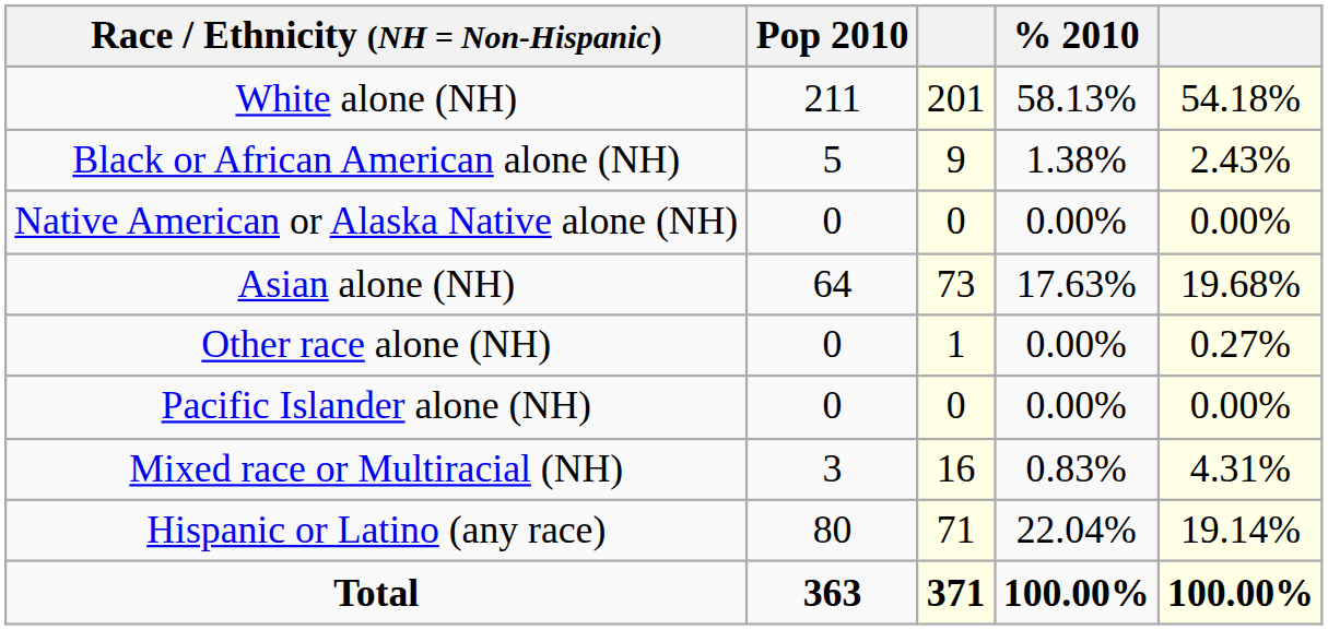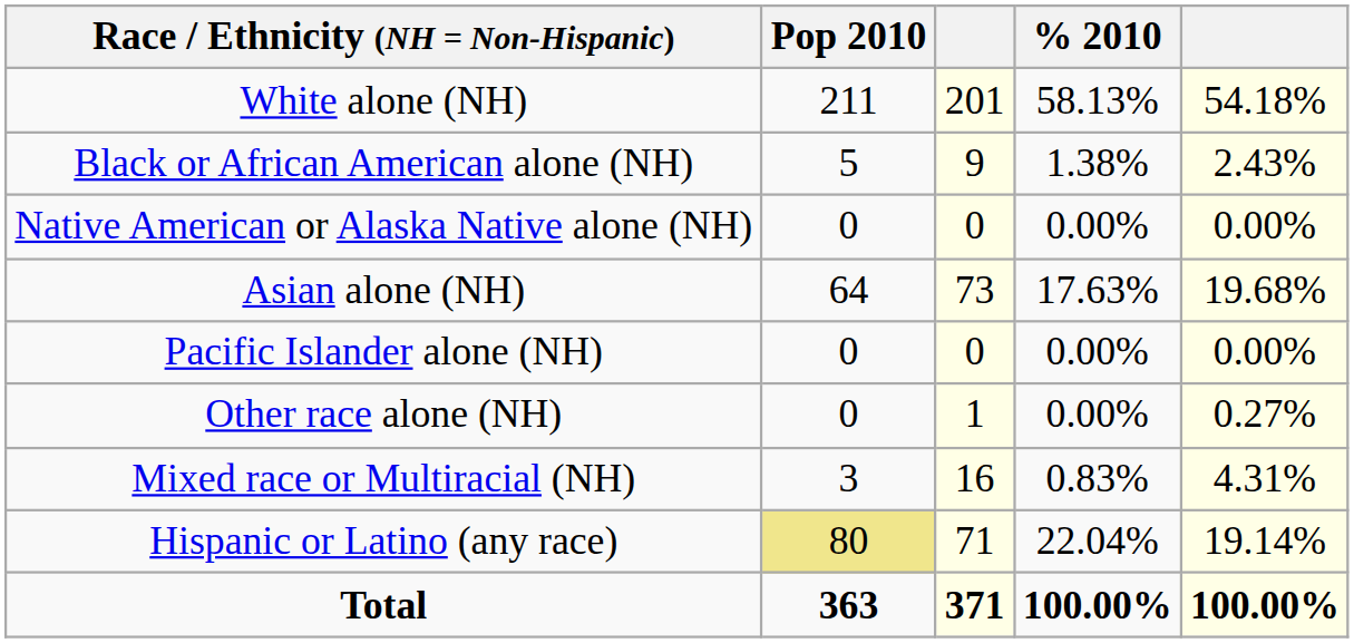 <table class="wikitable" style="text-align:center;">
 <tr>
 <th>Race / Ethnicity <small>(<em>NH = Non-Hispanic</em>)</small></th>
 <th>Pop 2010</th>
 <th></th>
 <th>% 2010</th>
 <th></th>
 </tr>
 <tr>
 <td><a href='#'>White</a> alone (NH)</td>
 <td>211</td>
 <td style='background: #ffffe6;'>201</td>
 <td>58.13%</td>
 <td style='background: #ffffe6;'>54.18%</td>
 </tr>
 <tr>
 <td><a href='#'>Black or African American</a> alone (NH)</td>
 <td>5</td>
 <td style='background: #ffffe6;'>9</td>
 <td>1.38%</td>
 <td style='background: #ffffe6;'>2.43%</td>
 </tr>
 <tr>
 <td><a href='#'>Native American</a> or <a href='#'>Alaska Native</a> alone (NH)</td>
 <td>0</td>
 <td style='background: #ffffe6;'>0</td>
 <td>0.00%</td>
 <td style='background: #ffffe6;'>0.00%</td>
 </tr>
 <tr>
 <td><a href='#'>Asian</a> alone (NH)</td>
 <td>64</td>
 <td style='background: #ffffe6;'>73</td>
 <td>17.63%</td>
 <td style='background: #ffffe6;'>19.68%</td>
 </tr>
 <tr>
+<td><a href='#'>Pacific Islander</a> alone (NH)</td>
+<td>0</td>
+<td style='background: #ffffe6;'>0</td>
+<td>0.00%</td>
+<td style='background: #ffffe6;'>0.00%</td>
+</tr>
+<tr>
 <td><a href='#'>Other race</a> alone (NH)</td>
 <td>0</td>
 <td style='background: #ffffe6;'>1</td>
 <td>0.00%</td>
 <td style='background: #ffffe6;'>0.27%</td>
-</tr>
-<tr>
-<td><a href='#'>Pacific Islander</a> alone (NH)</td>
-<td>0</td>
-<td style='background: #ffffe6;'>0</td>
-<td>0.00%</td>
-<td style='background: #ffffe6;'>0.00%</td>
 </tr>
 <tr>
 <td><a href='#'>Mixed race or Multiracial</a> (NH)</td>
 <td>3</td>
 <td style='background: #ffffe6;'>16</td>
 <td>0.83%</td>
 <td style='background: #ffffe6;'>4.31%</td>
 </tr>
 <tr>
 <td><a href='#'>Hispanic or Latino</a> (any race)</td>
-<td>80</td>
+<td style="background: khaki;">80</td>
 <td style='background: #ffffe6;'>71</td>
 <td>22.04%</td>
 <td style='background: #ffffe6;'>19.14%</td>
 </tr>
 <tr>
 <td><strong>Total</strong></td>
 <td><strong>363</strong></td>
 <td style='background: #ffffe6;'><strong>371</strong></td>
 <td><strong>100.00%</strong></td>
 <td style='background: #ffffe6;'><strong>100.00%</strong></td>
 </tr>
 </table>
